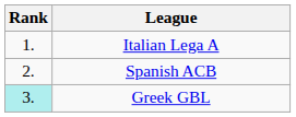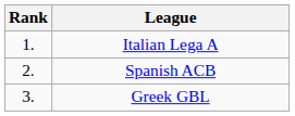 <table class="wikitable" style="text-align:center;">
 <tr>
 <th>Rank</th>
 <th width = 220px>League</th>
 </tr>
 <tr>
 <td>1.</td>
 <td> <a href='#'>Italian Lega A</a></td>
 </tr>
 <tr>
 <td>2.</td>
 <td> <a href='#'>Spanish ACB</a></td>
 </tr>
 <tr>
-<td style="background: paleturquoise;">3.</td>
+<td>3.</td>
 <td> <a href='#'>Greek GBL</a></td>
 </tr>
 </table>
